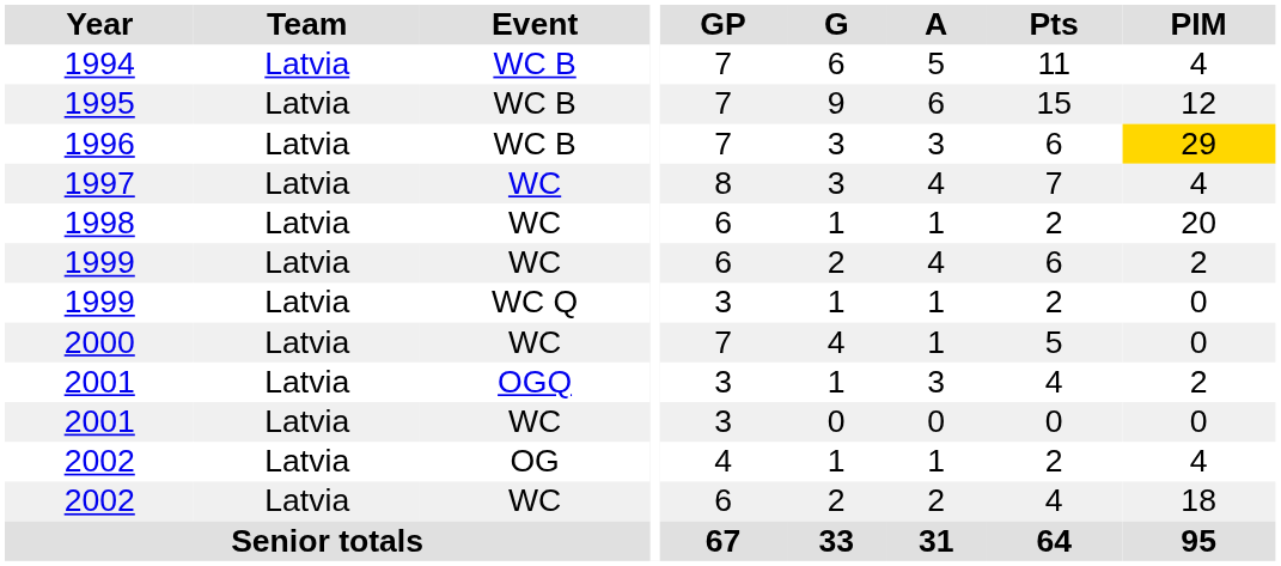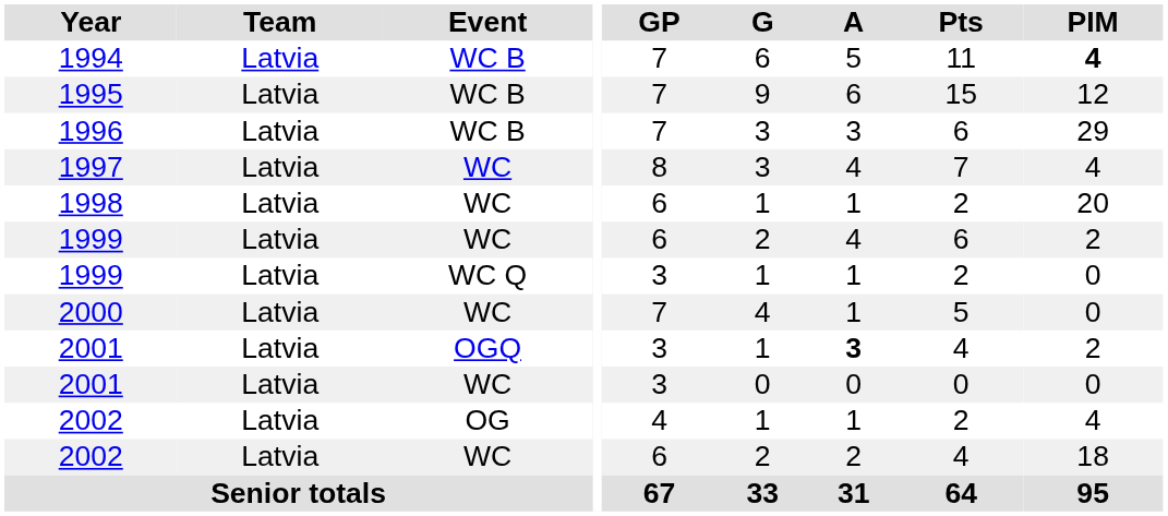 <table border="0" cellpadding="1" cellspacing="0" ID="Table3" style="text-align:center; width:40em">
 <tr ALIGN="center" bgcolor="#e0e0e0">
 <th>Year</th>
 <th>Team</th>
 <th>Event</th>
 <th rowspan="99" bgcolor="#ffffff"></th>
 <th>GP</th>
 <th>G</th>
 <th>A</th>
 <th>Pts</th>
 <th>PIM</th>
 </tr>
 <tr>
 <td><a href='#'>1994</a></td>
 <td><a href='#'>Latvia</a></td>
 <td><a href='#'>WC B</a></td>
 <td>7</td>
 <td>6</td>
 <td>5</td>
 <td>11</td>
-<td>4</td>
+<td><strong>4</strong></td>
 </tr>
 <tr bgcolor="#f0f0f0">
 <td><a href='#'>1995</a></td>
 <td>Latvia</td>
 <td>WC B</td>
 <td>7</td>
 <td>9</td>
 <td>6</td>
 <td>15</td>
 <td>12</td>
 </tr>
 <tr>
 <td><a href='#'>1996</a></td>
 <td>Latvia</td>
 <td>WC B</td>
 <td>7</td>
 <td>3</td>
 <td>3</td>
 <td>6</td>
-<td style="background: gold;">29</td>
+<td>29</td>
 </tr>
 <tr bgcolor="#f0f0f0">
 <td><a href='#'>1997</a></td>
 <td>Latvia</td>
 <td><a href='#'>WC</a></td>
 <td>8</td>
 <td>3</td>
 <td>4</td>
 <td>7</td>
 <td>4</td>
 </tr>
 <tr>
 <td><a href='#'>1998</a></td>
 <td>Latvia</td>
 <td>WC</td>
 <td>6</td>
 <td>1</td>
 <td>1</td>
 <td>2</td>
 <td>20</td>
 </tr>
 <tr bgcolor="#f0f0f0">
 <td><a href='#'>1999</a></td>
 <td>Latvia</td>
 <td>WC</td>
 <td>6</td>
 <td>2</td>
 <td>4</td>
 <td>6</td>
 <td>2</td>
 </tr>
 <tr>
 <td><a href='#'>1999</a></td>
 <td>Latvia</td>
 <td>WC Q</td>
 <td>3</td>
 <td>1</td>
 <td>1</td>
 <td>2</td>
 <td>0</td>
 </tr>
 <tr bgcolor="#f0f0f0">
 <td><a href='#'>2000</a></td>
 <td>Latvia</td>
 <td>WC</td>
 <td>7</td>
 <td>4</td>
 <td>1</td>
 <td>5</td>
 <td>0</td>
 </tr>
 <tr>
 <td><a href='#'>2001</a></td>
 <td>Latvia</td>
 <td><a href='#'>OGQ</a></td>
 <td>3</td>
 <td>1</td>
-<td>3</td>
+<td><strong>3</strong></td>
 <td>4</td>
 <td>2</td>
 </tr>
 <tr bgcolor="#f0f0f0">
 <td><a href='#'>2001</a></td>
 <td>Latvia</td>
 <td>WC</td>
 <td>3</td>
 <td>0</td>
 <td>0</td>
 <td>0</td>
 <td>0</td>
 </tr>
 <tr>
 <td><a href='#'>2002</a></td>
 <td>Latvia</td>
 <td>OG</td>
 <td>4</td>
 <td>1</td>
 <td>1</td>
 <td>2</td>
 <td>4</td>
 </tr>
 <tr bgcolor="#f0f0f0">
 <td><a href='#'>2002</a></td>
 <td>Latvia</td>
 <td>WC</td>
 <td>6</td>
 <td>2</td>
 <td>2</td>
 <td>4</td>
 <td>18</td>
 </tr>
 <tr bgcolor="#e0e0e0">
 <th colspan="3">Senior totals</th>
 <th>67</th>
 <th>33</th>
 <th>31</th>
 <th>64</th>
 <th>95</th>
 </tr>
 </table>
